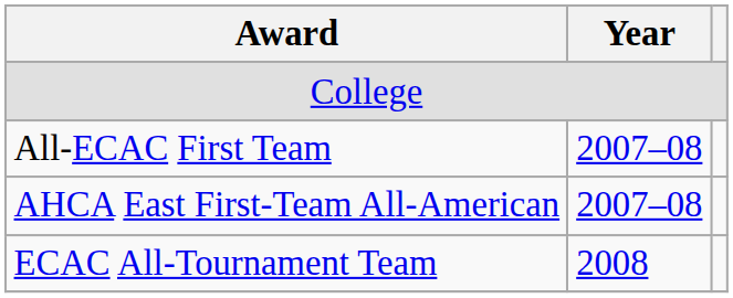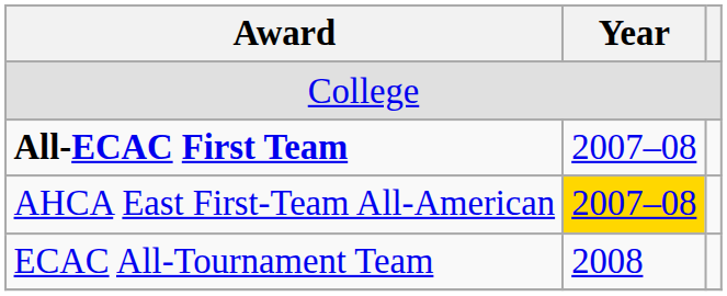 <table class="wikitable">
 <tr>
 <th>Award</th>
 <th>Year</th>
 <th></th>
 </tr>
 <tr ALIGN="center" bgcolor="#e0e0e0">
 <td colspan="3"><a href='#'>College</a></td>
 </tr>
 <tr>
-<td>All-<a href='#'>ECAC</a> <a href='#'>First Team</a></td>
+<td><strong>All-<a href='#'>ECAC</a> <a href='#'>First Team</a></strong></td>
 <td><a href='#'>2007–08</a></td>
 <td></td>
 </tr>
 <tr>
 <td><a href='#'>AHCA</a> <a href='#'>East First-Team All-American</a></td>
-<td><a href='#'>2007–08</a></td>
+<td style="background: gold;"><a href='#'>2007–08</a></td>
 <td></td>
 </tr>
 <tr>
 <td><a href='#'>ECAC</a> <a href='#'>All-Tournament Team</a></td>
 <td><a href='#'>2008</a></td>
 <td></td>
 </tr>
 <tr>
 </tr>
 </table>
